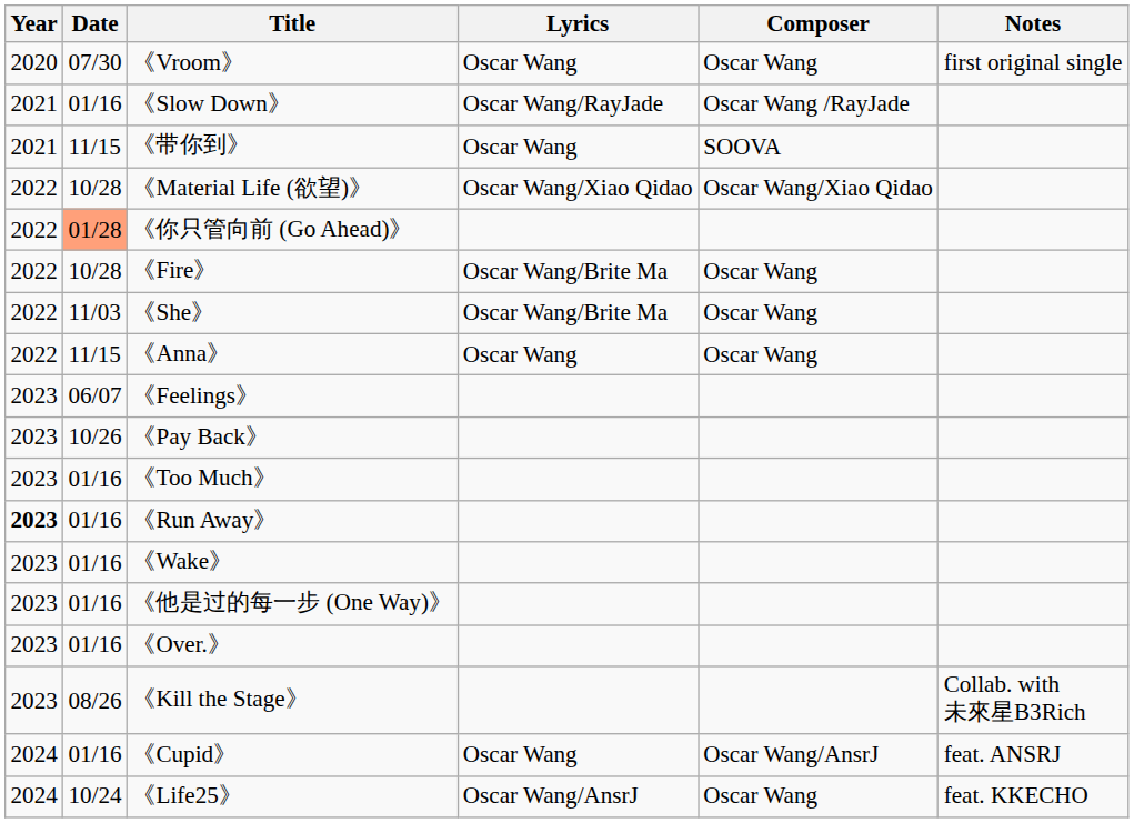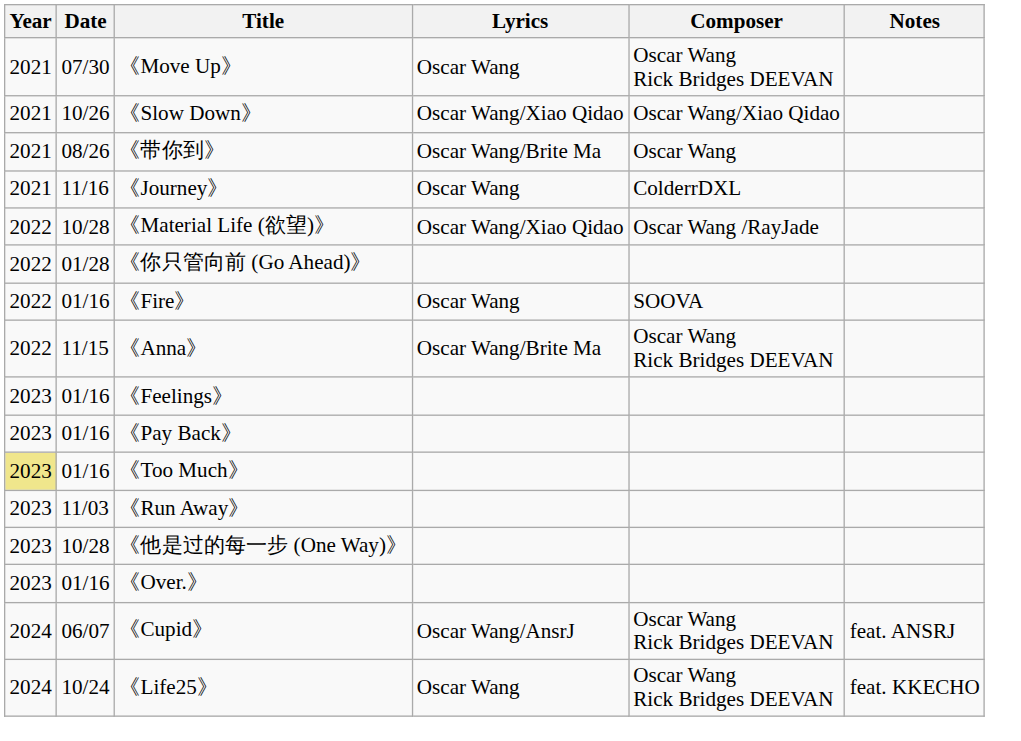 <table class="wikitable">
 <tr>
 <th>Year</th>
 <th>Date</th>
 <th>Title</th>
 <th>Lyrics</th>
 <th>Composer</th>
 <th>Notes</th>
 </tr>
 <tr>
-<td>2020</td>
+<td>2021</td>
 <td>07/30</td>
-<td>《Vroom》</td>
+<td>《Move Up》</td>
 <td>Oscar Wang</td>
-<td>Oscar Wang</td>
-<td>first original single</td>
-</tr>
-<tr>
-<td>2021</td>
-<td>01/16</td>
-<td>《Slow Down》</td>
-<td>Oscar Wang/RayJade</td>
-<td>Oscar Wang /RayJade</td>
+<td>Oscar Wang<br>Rick Bridges DEEVAN</td>
 <td></td>
 </tr>
 <tr>
 <td>2021</td>
-<td>11/15</td>
+<td>10/26</td>
+<td>《Slow Down》</td>
+<td>Oscar Wang/Xiao Qidao</td>
+<td>Oscar Wang/Xiao Qidao</td>
+<td></td>
+</tr>
+<tr>
+<td>2021</td>
+<td>08/26</td>
 <td>《带你到》</td>
+<td>Oscar Wang/Brite Ma</td>
 <td>Oscar Wang</td>
-<td>SOOVA</td>
+<td></td>
+</tr>
+<tr>
+<td>2021</td>
+<td>11/16</td>
+<td>《Journey》</td>
+<td>Oscar Wang</td>
+<td>ColderrDXL</td>
 <td></td>
 </tr>
 <tr>
 <td>2022</td>
 <td>10/28</td>
 <td>《Material Life (欲望)》</td>
 <td>Oscar Wang/Xiao Qidao</td>
-<td>Oscar Wang/Xiao Qidao</td>
+<td>Oscar Wang /RayJade</td>
 <td></td>
 </tr>
 <tr>
 <td>2022</td>
-<td style="background: lightsalmon;">01/28</td>
+<td>01/28</td>
 <td>《你只管向前 (Go Ahead)》</td>
 <td></td>
 <td></td>
 <td></td>
 </tr>
 <tr>
 <td>2022</td>
-<td>10/28</td>
+<td>01/16</td>
 <td>《Fire》</td>
-<td>Oscar Wang/Brite Ma</td>
 <td>Oscar Wang</td>
-<td></td>
-</tr>
-<tr>
-<td>2022</td>
-<td>11/03</td>
-<td>《She》</td>
-<td>Oscar Wang/Brite Ma</td>
-<td>Oscar Wang</td>
+<td>SOOVA</td>
 <td></td>
 </tr>
 <tr>
 <td>2022</td>
 <td>11/15</td>
 <td>《Anna》</td>
-<td>Oscar Wang</td>
-<td>Oscar Wang</td>
+<td>Oscar Wang/Brite Ma</td>
+<td>Oscar Wang<br>Rick Bridges DEEVAN</td>
 <td></td>
 </tr>
 <tr>
 <td>2023</td>
-<td>06/07</td>
+<td>01/16</td>
 <td>《Feelings》</td>
 <td></td>
 <td></td>
 <td></td>
 </tr>
 <tr>
 <td>2023</td>
-<td>10/26</td>
+<td>01/16</td>
 <td>《Pay Back》</td>
 <td></td>
 <td></td>
 <td></td>
 </tr>
 <tr>
-<td>2023</td>
+<td style="background: khaki;">2023</td>
 <td>01/16</td>
 <td>《Too Much》</td>
 <td></td>
 <td></td>
 <td></td>
 </tr>
 <tr>
-<td><strong>2023</strong></td>
-<td>01/16</td>
+<td>2023</td>
+<td>11/03</td>
 <td>《Run Away》</td>
 <td></td>
 <td></td>
 <td></td>
 </tr>
 <tr>
 <td>2023</td>
-<td>01/16</td>
-<td>《Wake》</td>
-<td></td>
-<td></td>
-<td></td>
-</tr>
-<tr>
-<td>2023</td>
-<td>01/16</td>
+<td>10/28</td>
 <td>《他是过的每一步 (One Way)》</td>
 <td></td>
 <td></td>
 <td></td>
 </tr>
 <tr>
 <td>2023</td>
 <td>01/16</td>
 <td>《Over.》</td>
 <td></td>
 <td></td>
 <td></td>
 </tr>
 <tr>
-<td>2023</td>
-<td>08/26</td>
-<td>《Kill the Stage》</td>
-<td></td>
-<td></td>
-<td>Collab. with<br>未來星B3Rich</td>
-</tr>
-<tr>
 <td>2024</td>
-<td>01/16</td>
+<td>06/07</td>
 <td>《Cupid》</td>
-<td>Oscar Wang</td>
 <td>Oscar Wang/AnsrJ</td>
+<td>Oscar Wang<br>Rick Bridges DEEVAN</td>
 <td>feat. ANSRJ</td>
 </tr>
 <tr>
 <td>2024</td>
 <td>10/24</td>
 <td>《Life25》</td>
-<td>Oscar Wang/AnsrJ</td>
 <td>Oscar Wang</td>
+<td>Oscar Wang<br>Rick Bridges DEEVAN</td>
 <td>feat. KKECHO</td>
 </tr>
 </table>
